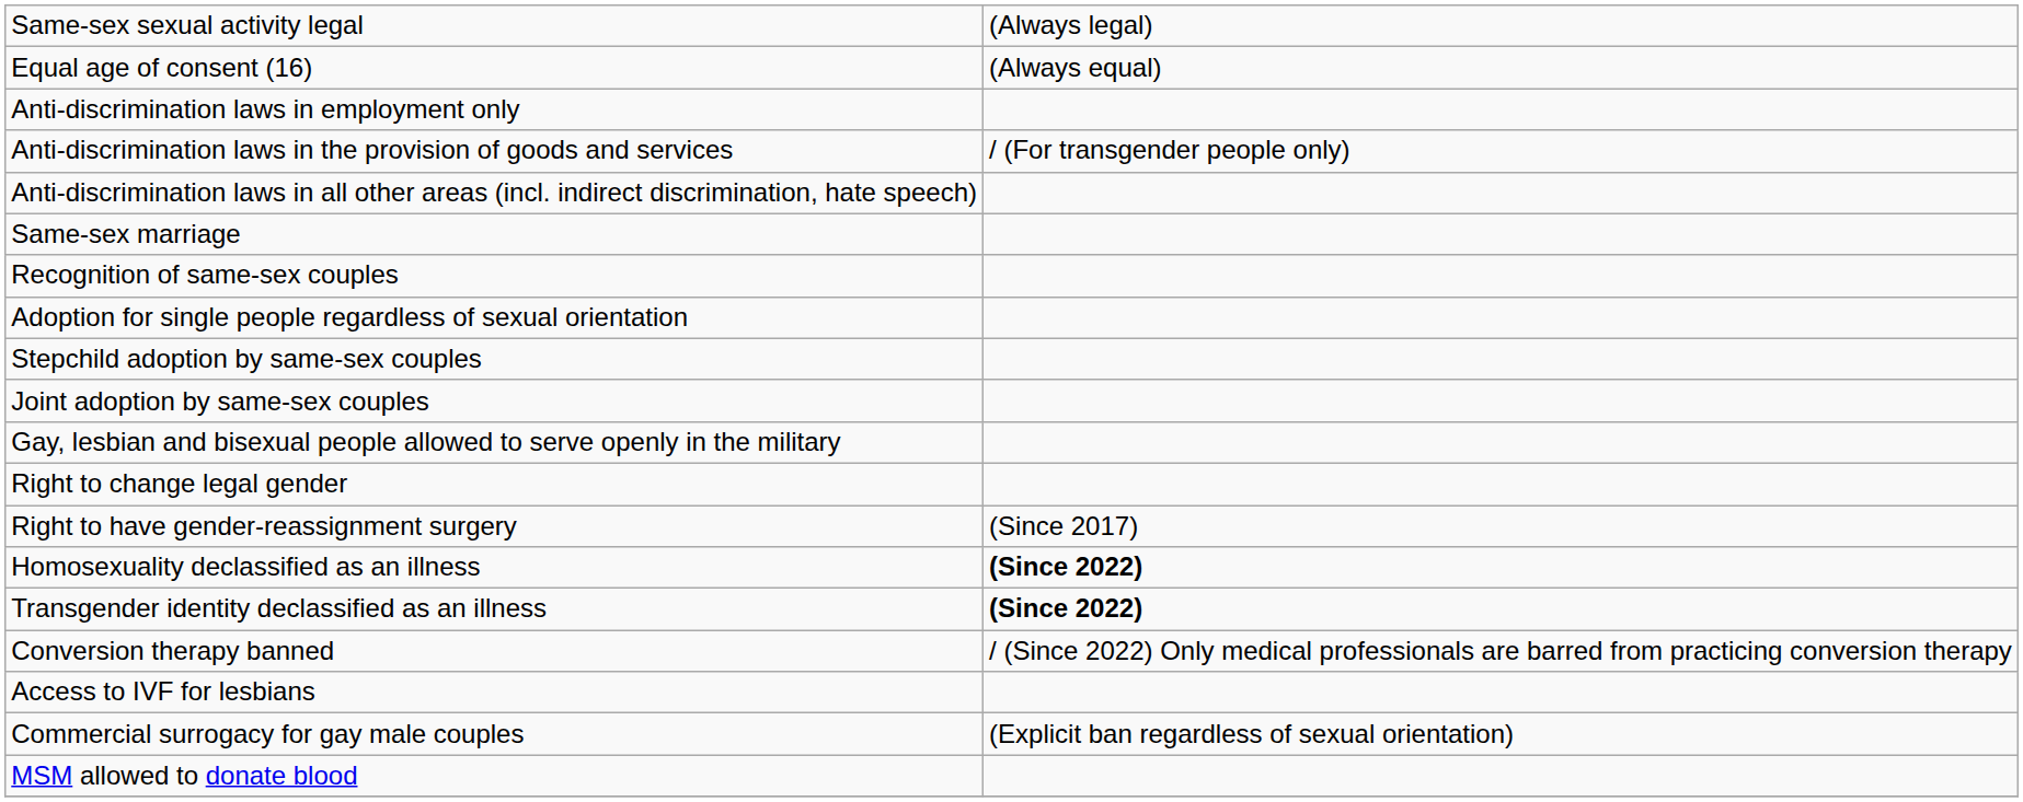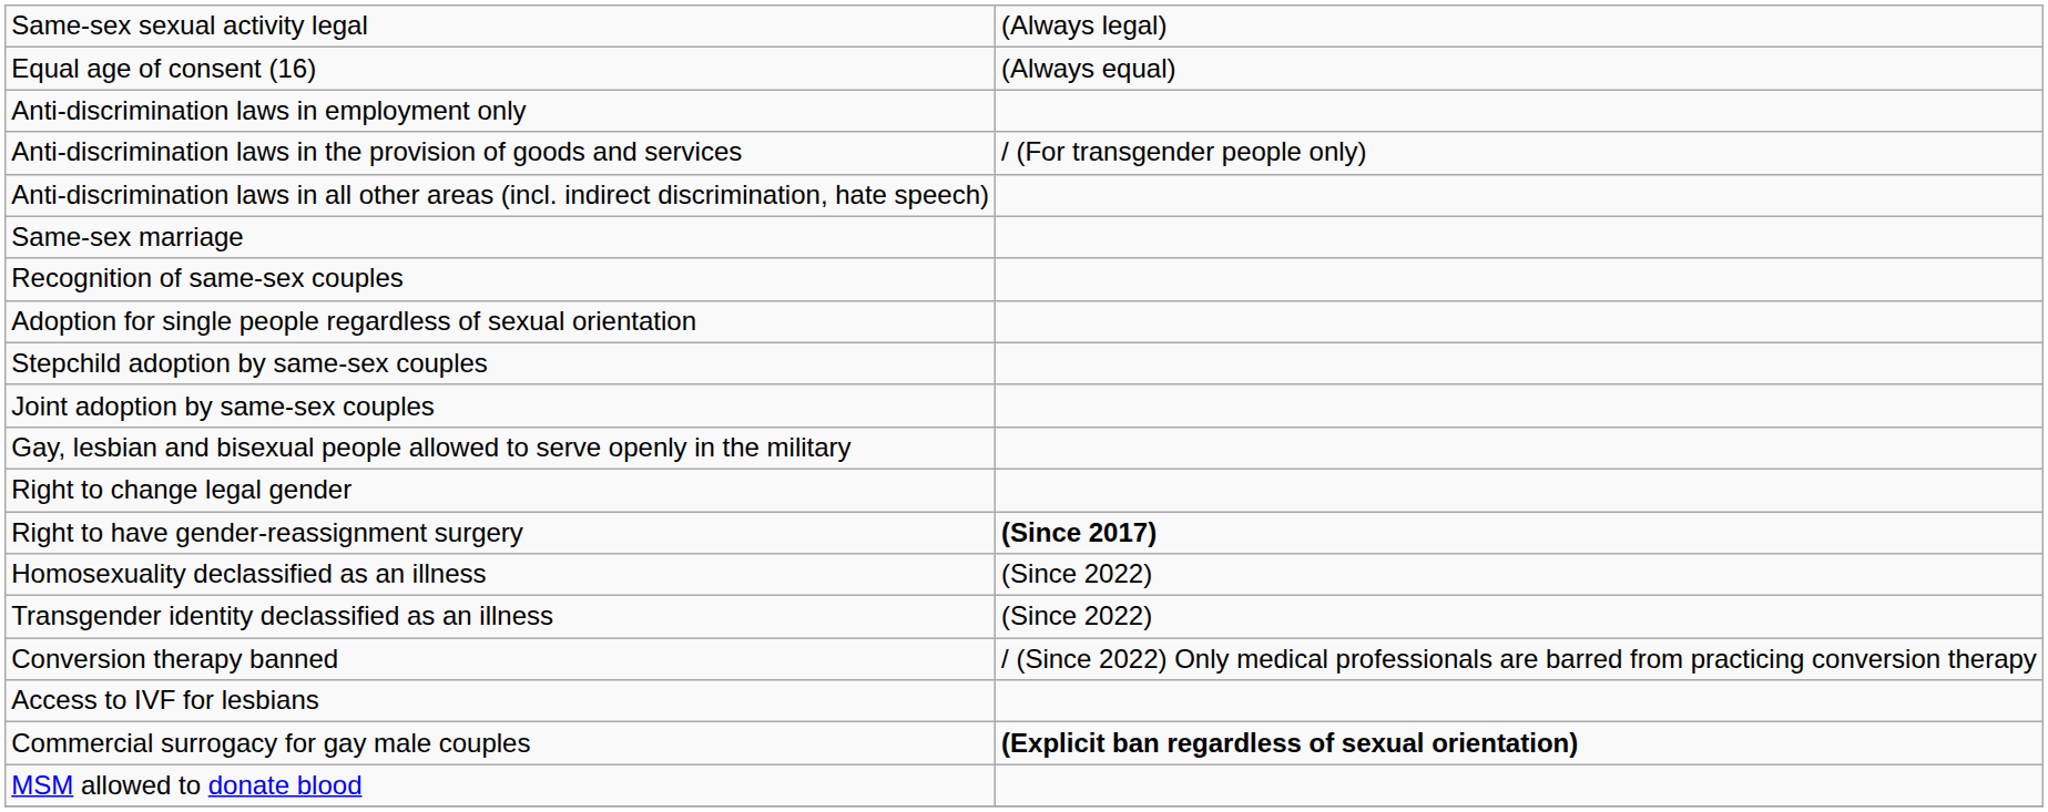 <table class="wikitable">
 <tr>
 <td>Same-sex sexual activity legal</td>
 <td> (Always legal)</td>
 </tr>
 <tr>
 <td>Equal age of consent (16)</td>
 <td> (Always equal)</td>
 </tr>
 <tr>
 <td>Anti-discrimination laws in employment only</td>
 <td></td>
 </tr>
 <tr>
 <td>Anti-discrimination laws in the provision of goods and services</td>
 <td>/ (For transgender people only)</td>
 </tr>
 <tr>
 <td>Anti-discrimination laws in all other areas (incl. indirect discrimination, hate speech)</td>
 <td></td>
 </tr>
 <tr>
 <td>Same-sex marriage</td>
 <td></td>
 </tr>
 <tr>
 <td>Recognition of same-sex couples</td>
 <td></td>
 </tr>
 <tr>
 <td>Adoption for single people regardless of sexual orientation</td>
 <td></td>
 </tr>
 <tr>
 <td>Stepchild adoption by same-sex couples</td>
 <td></td>
 </tr>
 <tr>
 <td>Joint adoption by same-sex couples</td>
 <td></td>
 </tr>
 <tr>
 <td>Gay, lesbian and bisexual people allowed to serve openly in the military</td>
 <td></td>
 </tr>
 <tr>
 <td>Right to change legal gender</td>
 <td></td>
 </tr>
 <tr>
 <td>Right to have gender-reassignment surgery</td>
-<td> (Since 2017)</td>
+<td><strong> (Since 2017)</strong></td>
 </tr>
 <tr>
 <td>Homosexuality declassified as an illness</td>
-<td><strong> (Since 2022)</strong></td>
+<td> (Since 2022)</td>
 </tr>
 <tr>
 <td>Transgender identity declassified as an illness</td>
-<td><strong> (Since 2022)</strong></td>
+<td> (Since 2022)</td>
 </tr>
 <tr>
 <td>Conversion therapy banned</td>
 <td>/ (Since 2022) Only medical professionals are barred from practicing conversion therapy</td>
 </tr>
 <tr>
 <td>Access to IVF for lesbians</td>
 <td></td>
 </tr>
 <tr>
 <td>Commercial surrogacy for gay male couples</td>
-<td> (Explicit ban regardless of sexual orientation)</td>
+<td><strong> (Explicit ban regardless of sexual orientation)</strong></td>
 </tr>
 <tr>
 <td><a href='#'>MSM</a> allowed to <a href='#'>donate blood</a></td>
 <td></td>
 </tr>
 <tr>
 </tr>
 </table>
